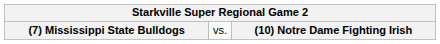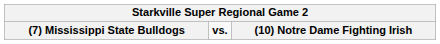 <table class="wikitable">
 <tr>
 <th style="width: 604px;" colspan=3>Starkville Super Regional Game 2</th>
 </tr>
 <tr>
 <th style="width: 289px; ">(7) Mississippi State Bulldogs</th>
-<td style="width: 25px; text-align:center">vs.</td>
+<td style="width: 25px; text-align:center"><strong>vs.</strong></td>
 <th style="width: 289px; ">(10) Notre Dame Fighting Irish</th>
 </tr>
 </table>
